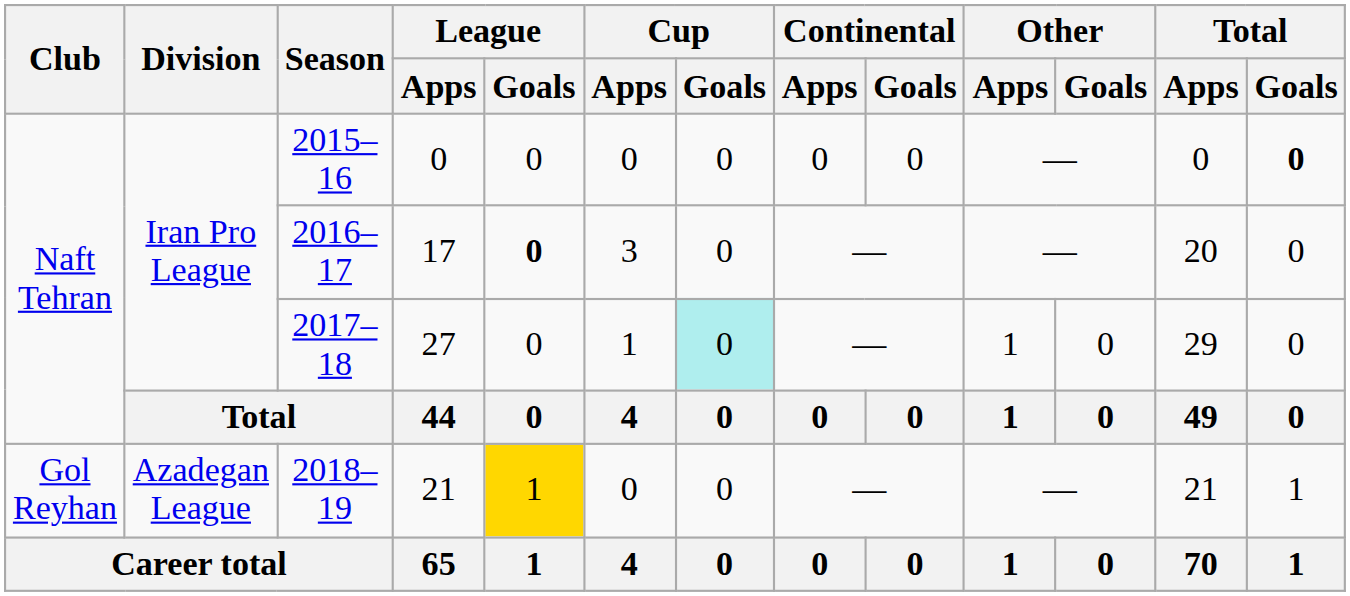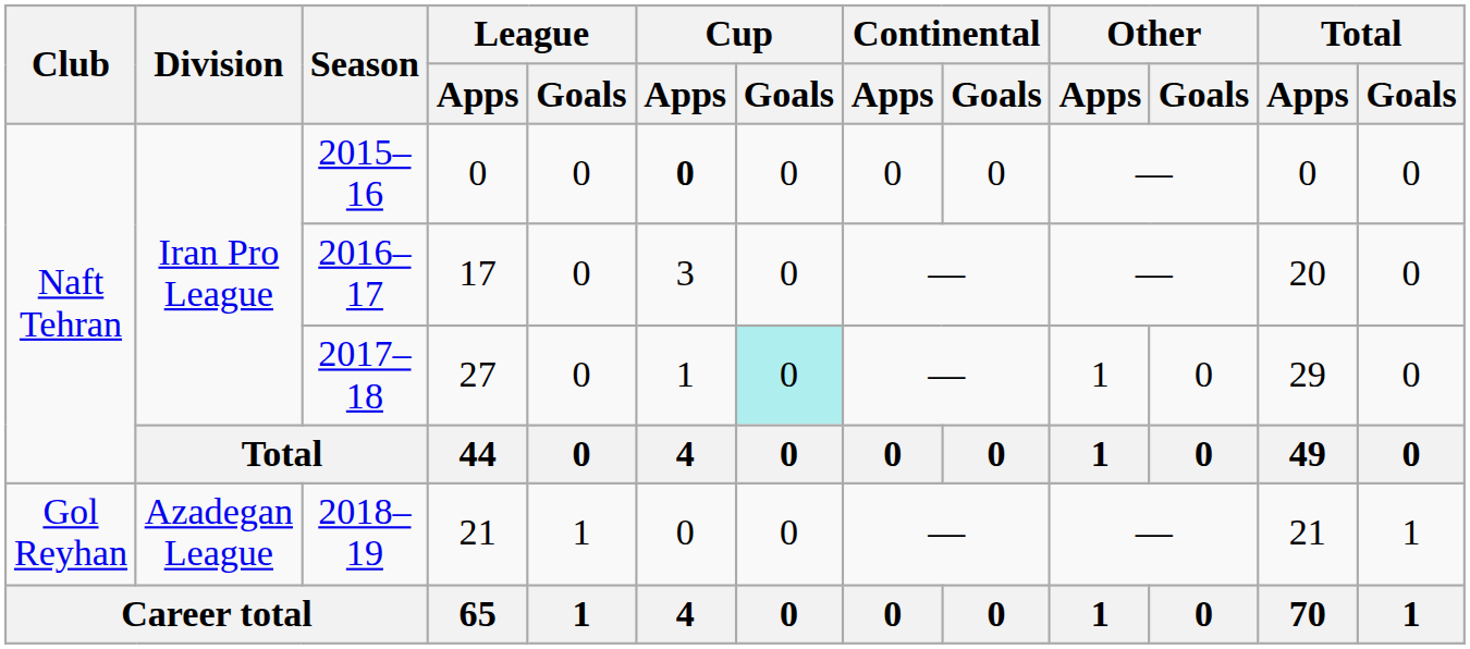 <table class="wikitable" style="text-align: center;">
 <tr>
 <th rowspan="2">Club</th>
 <th rowspan="2">Division</th>
 <th rowspan="2">Season</th>
 <th colspan="2">League</th>
 <th colspan="2">Cup</th>
 <th colspan="2">Continental</th>
 <th colspan="2">Other</th>
 <th colspan="2">Total</th>
 </tr>
 <tr>
 <th>Apps</th>
 <th>Goals</th>
 <th>Apps</th>
 <th>Goals</th>
 <th>Apps</th>
 <th>Goals</th>
 <th>Apps</th>
 <th>Goals</th>
 <th>Apps</th>
 <th>Goals</th>
 </tr>
 <tr>
 <td rowspan="4"><a href='#'>Naft Tehran</a></td>
 <td rowspan="3"><a href='#'>Iran Pro League</a></td>
 <td><a href='#'>2015–16</a></td>
 <td>0</td>
 <td>0</td>
-<td>0</td>
+<td><strong>0</strong></td>
 <td>0</td>
 <td>0</td>
 <td>0</td>
 <td colspan=2>—</td>
 <td>0</td>
-<td><strong>0</strong></td>
+<td>0</td>
 </tr>
 <tr>
 <td><a href='#'>2016–17</a></td>
 <td>17</td>
-<td><strong>0</strong></td>
+<td>0</td>
 <td>3</td>
 <td>0</td>
 <td colspan=2>—</td>
 <td colspan=2>—</td>
 <td>20</td>
 <td>0</td>
 </tr>
 <tr>
 <td><a href='#'>2017–18</a></td>
 <td>27</td>
 <td>0</td>
 <td>1</td>
 <td style="background: paleturquoise;">0</td>
 <td colspan=2>—</td>
 <td>1</td>
 <td>0</td>
 <td>29</td>
 <td>0</td>
 </tr>
 <tr>
 <th colspan=2>Total</th>
 <th>44</th>
 <th>0</th>
 <th>4</th>
 <th>0</th>
 <th>0</th>
 <th>0</th>
 <th>1</th>
 <th>0</th>
 <th>49</th>
 <th>0</th>
 </tr>
 <tr>
 <td rowspan="1"><a href='#'>Gol Reyhan</a></td>
 <td rowspan="1"><a href='#'>Azadegan League</a></td>
 <td><a href='#'>2018–19</a></td>
 <td>21</td>
-<td style="background: gold;">1</td>
+<td>1</td>
 <td>0</td>
 <td>0</td>
 <td colspan=2>—</td>
 <td colspan=2>—</td>
 <td>21</td>
 <td>1</td>
 </tr>
 <tr>
 <th colspan=3>Career total</th>
 <th>65</th>
 <th>1</th>
 <th>4</th>
 <th>0</th>
 <th>0</th>
 <th>0</th>
 <th>1</th>
 <th>0</th>
 <th>70</th>
 <th>1</th>
 </tr>
 </table>
